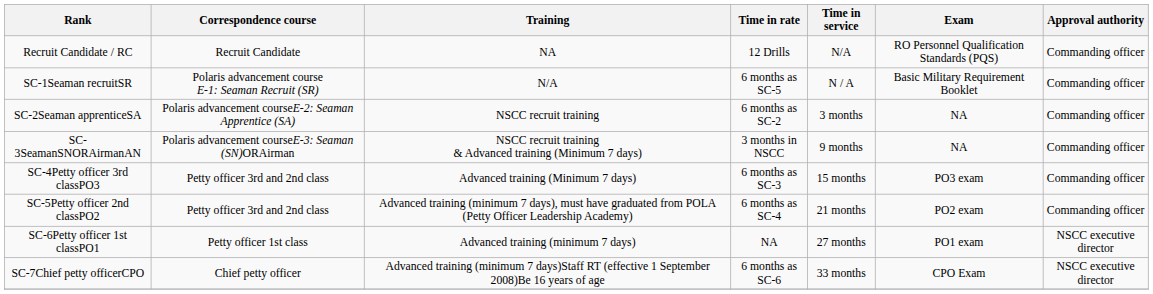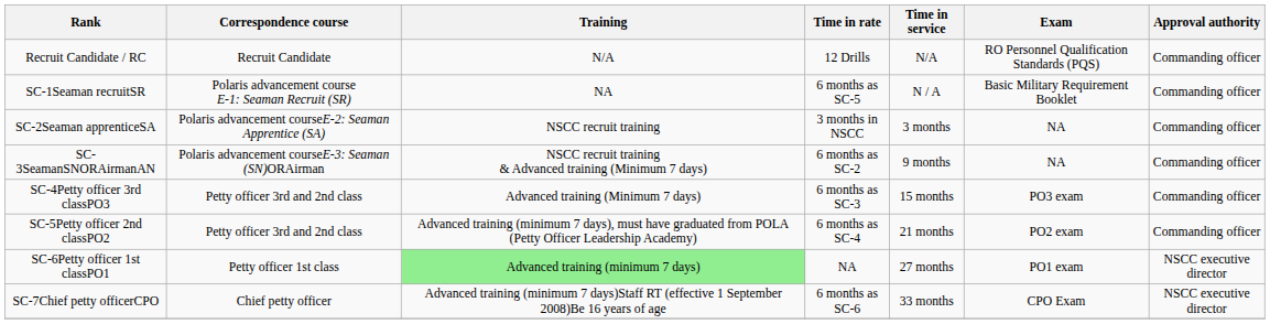 <table class="wikitable" style="text-align: center;">
 <tr>
 <th>Rank</th>
 <th>Correspondence course</th>
 <th>Training</th>
 <th>Time in rate</th>
 <th>Time in service</th>
 <th>Exam</th>
 <th>Approval authority</th>
 </tr>
 <tr>
 <td>Recruit Candidate / RC</td>
 <td>Recruit Candidate</td>
-<td>NA</td>
+<td>N/A</td>
 <td>12 Drills</td>
 <td>N/A</td>
 <td>RO Personnel Qualification Standards (PQS)</td>
 <td>Commanding officer</td>
 </tr>
 <tr>
 <td>SC-1Seaman recruitSR</td>
 <td>Polaris advancement course<br><em>E-1: Seaman Recruit (SR)</em></td>
-<td>N/A</td>
+<td>NA</td>
 <td>6 months as SC-5</td>
 <td>N / A</td>
 <td>Basic Military Requirement Booklet</td>
 <td>Commanding officer</td>
 </tr>
 <tr>
 <td>SC-2Seaman apprenticeSA</td>
 <td>Polaris advancement course<em>E-2: Seaman Apprentice (SA)</em></td>
 <td>NSCC recruit training</td>
-<td>6 months as SC-2</td>
+<td>3 months in NSCC</td>
 <td>3 months</td>
 <td>NA</td>
 <td>Commanding officer</td>
 </tr>
 <tr>
 <td>SC-3SeamanSNORAirmanAN</td>
 <td>Polaris advancement course<em>E-3: Seaman (SN)</em>ORAirman<em></em></td>
 <td>NSCC recruit training<br>& Advanced training (Minimum 7 days)</td>
-<td>3 months in NSCC</td>
+<td>6 months as SC-2</td>
 <td>9 months</td>
 <td>NA</td>
 <td>Commanding officer</td>
 </tr>
 <tr>
 <td>SC-4Petty officer 3rd classPO3</td>
 <td>Petty officer 3rd and 2nd class<em></em></td>
 <td>Advanced training (Minimum 7 days)</td>
 <td>6 months as SC-3</td>
 <td>15 months</td>
 <td>PO3 exam</td>
 <td>Commanding officer</td>
 </tr>
 <tr>
 <td>SC-5Petty officer 2nd classPO2</td>
 <td>Petty officer 3rd and 2nd class<em></em></td>
 <td>Advanced training (minimum 7 days), must have graduated from POLA (Petty Officer Leadership Academy)</td>
 <td>6 months as SC-4</td>
 <td>21 months</td>
 <td>PO2 exam</td>
 <td>Commanding officer</td>
 </tr>
 <tr>
 <td>SC-6Petty officer 1st classPO1</td>
 <td>Petty officer 1st class</td>
-<td>Advanced training (minimum 7 days)</td>
+<td style="background: lightgreen;">Advanced training (minimum 7 days)</td>
 <td>NA</td>
 <td>27 months</td>
 <td>PO1 exam</td>
 <td>NSCC executive director</td>
 </tr>
 <tr>
 <td>SC-7Chief petty officerCPO</td>
 <td>Chief petty officer</td>
 <td>Advanced training (minimum 7 days)Staff RT (effective 1 September 2008)Be 16 years of age</td>
 <td>6 months as SC-6</td>
 <td>33 months</td>
 <td>CPO Exam</td>
 <td>NSCC executive director</td>
 </tr>
 <tr>
 </tr>
 </table>
